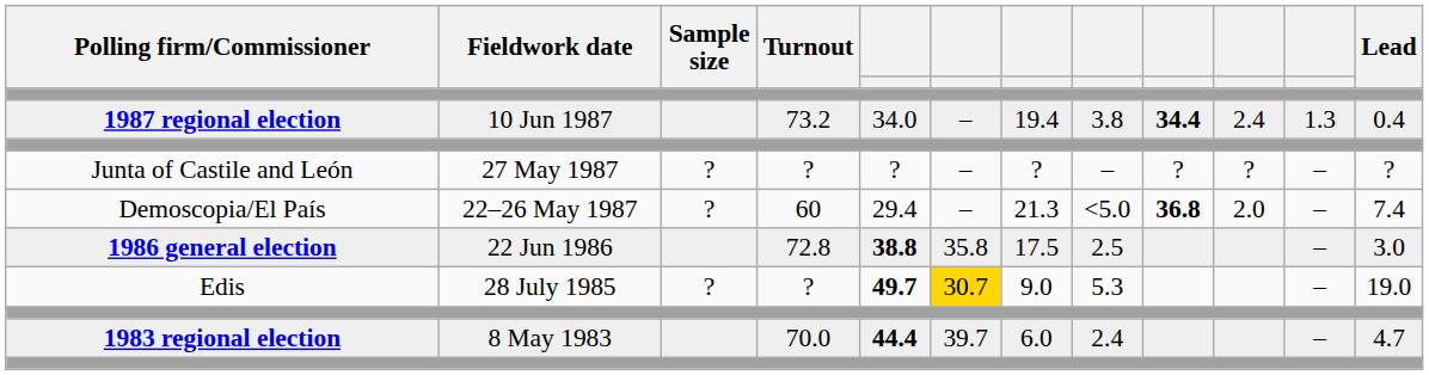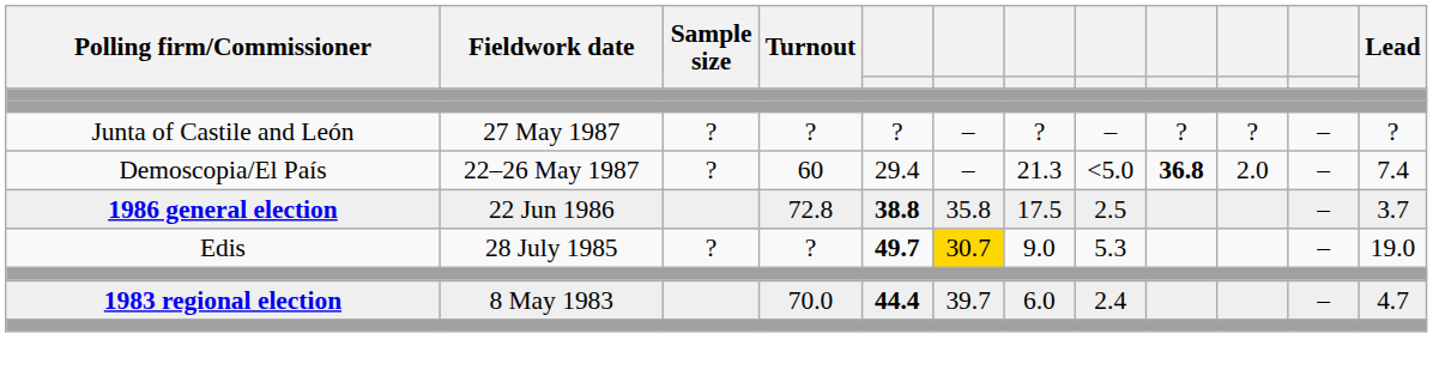 <table class="wikitable collapsible collapsed" style="text-align:center; font-size:95%; line-height:16px;">
 <tr style="height:42px;">
 <th style="width:250px;" rowspan="2">Polling firm/Commissioner</th>
 <th style="width:125px;" rowspan="2">Fieldwork date</th>
 <th style="width:50px;" rowspan="2">Sample size</th>
 <th style="width:45px;" rowspan="2">Turnout</th>
 <th style="width:35px;"></th>
 <th style="width:35px;"></th>
 <th style="width:35px;"></th>
 <th style="width:35px;"></th>
 <th style="width:35px;"></th>
 <th style="width:35px;"></th>
 <th style="width:35px;"></th>
 <th style="width:30px;" rowspan="2">Lead</th>
 </tr>
 <tr>
 <th style="color:inherit;background:"></th>
 <th style="color:inherit;background:"></th>
 <th style="color:inherit;background:"></th>
 <th style="color:inherit;background:"></th>
 <th style="color:inherit;background:"></th>
 <th style="color:inherit;background:"></th>
 <th style="color:inherit;background:"></th>
 </tr>
 <tr>
 <td colspan="12" style="background:#A0A0A0"></td>
-</tr>
-<tr style="background:#EFEFEF;">
-<td><strong><a href='#'>1987 regional election</a></strong></td>
-<td>10 Jun 1987</td>
-<td></td>
-<td>73.2</td>
-<td>34.0<br></td>
-<td>–</td>
-<td>19.4<br></td>
-<td>3.8<br></td>
-<td><strong>34.4</strong><br></td>
-<td>2.4<br></td>
-<td>1.3<br></td>
-<td style="background:">0.4</td>
 </tr>
 <tr>
 <td colspan="12" style="background:#A0A0A0"></td>
 </tr>
 <tr>
 <td>Junta of Castile and León</td>
 <td>27 May 1987</td>
 <td>?</td>
 <td>?</td>
 <td>?<br></td>
 <td>–</td>
 <td>?<br></td>
 <td>–</td>
 <td>?<br></td>
 <td>?<br></td>
 <td>–</td>
 <td style="background:">?</td>
 </tr>
 <tr>
 <td>Demoscopia/El País</td>
 <td>22–26 May 1987</td>
 <td>?</td>
 <td>60</td>
 <td>29.4<br></td>
 <td>–</td>
 <td>21.3<br></td>
 <td><5.0</td>
 <td><strong>36.8</strong><br></td>
 <td>2.0<br></td>
 <td>–</td>
 <td style="background:">7.4</td>
 </tr>
 <tr style="background:#EFEFEF;">
 <td><strong><a href='#'>1986 general election</a></strong></td>
 <td>22 Jun 1986</td>
 <td></td>
 <td>72.8</td>
 <td><strong>38.8</strong><br></td>
 <td>35.8<br></td>
 <td>17.5<br></td>
 <td>2.5<br></td>
 <td></td>
 <td></td>
 <td>–</td>
-<td style="background:">3.0</td>
+<td style="background:">3.7</td>
 </tr>
 <tr>
 <td>Edis</td>
 <td>28 July 1985</td>
 <td>?</td>
 <td>?</td>
 <td><strong>49.7</strong></td>
 <td style="background: gold;">30.7</td>
 <td>9.0</td>
 <td>5.3<br></td>
 <td></td>
 <td></td>
 <td>–</td>
 <td style="background:">19.0</td>
 </tr>
 <tr>
 <td colspan="12" style="background:#A0A0A0"></td>
 </tr>
 <tr style="background:#EFEFEF;">
 <td><strong><a href='#'>1983 regional election</a></strong></td>
 <td>8 May 1983</td>
 <td></td>
 <td>70.0</td>
 <td><strong>44.4</strong><br></td>
 <td>39.7<br></td>
 <td>6.0<br></td>
 <td>2.4<br></td>
 <td></td>
 <td></td>
 <td>–</td>
 <td style="background:">4.7</td>
 </tr>
 <tr>
 <td colspan="12" style="background:#A0A0A0"></td>
 </tr>
 </table>
